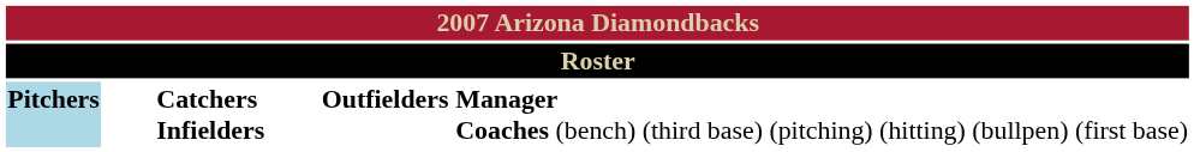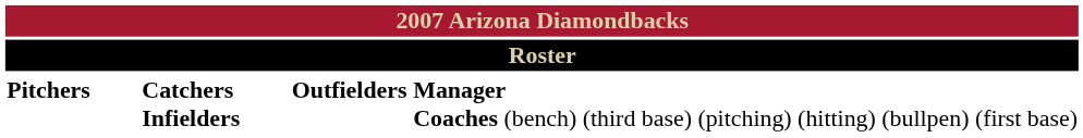 <table class="toccolours" style="font-size: 95%;">
 <tr>
 <th colspan="10" style="background:#a71930; color:#dbceac; text-align:center;">2007 Arizona Diamondbacks</th>
 </tr>
 <tr>
 <td colspan="10" style="background:black; color:#dbceac; text-align:center;"><strong>Roster</strong></td>
 </tr>
 <tr>
-<td valign="top" style="background: lightblue;"><strong>Pitchers</strong><br>                       </td>
+<td valign="top"><strong>Pitchers</strong><br>                       </td>
 <td style="width:25px;"></td>
 <td valign="top"><strong>Catchers</strong><br>   <strong>Infielders</strong>             </td>
 <td style="width:25px;"></td>
 <td valign="top"><strong>Outfielders</strong><br>      </td>
 <td valign="top"><strong>Manager</strong><br> <strong>Coaches</strong>  (bench)  (third base)  (pitching)  (hitting)  (bullpen)  (first base)</td>
 </tr>
 </table>
